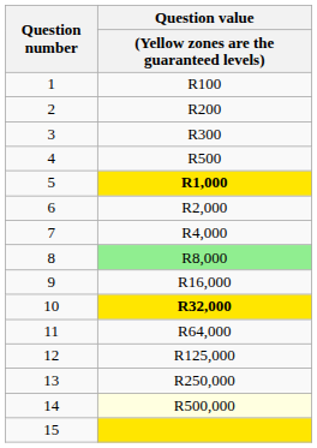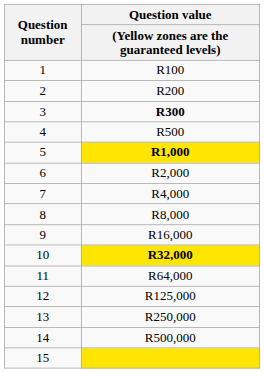 <table class="wikitable" style="text-align:center; border:1px;; cellpadding:2; cellspacing:0; width:25%;">
 <tr>
 <th rowspan="2" style="width: 30%">Question number</th>
 <th>Question value</th>
 </tr>
 <tr>
 <th style="width: 70%">(Yellow zones are the guaranteed levels)</th>
 </tr>
 <tr>
 <td>1</td>
 <td><span>R100</span></td>
 </tr>
 <tr>
 <td>2</td>
 <td><span>R200</span></td>
 </tr>
 <tr>
 <td>3</td>
-<td><span>R300</span></td>
+<td><strong><span>R300</span></strong></td>
 </tr>
 <tr>
 <td>4</td>
 <td><span>R500</span></td>
 </tr>
 <tr>
 <td>5</td>
 <td style="background: #FFE600"><span><strong>R1,000</strong></span></td>
 </tr>
 <tr>
 <td>6</td>
 <td><span>R2,000</span></td>
 </tr>
 <tr>
 <td>7</td>
 <td><span>R4,000</span></td>
 </tr>
 <tr>
 <td>8</td>
-<td style="background: lightgreen;"><span>R8,000</span></td>
+<td><span>R8,000</span></td>
 </tr>
 <tr>
 <td>9</td>
 <td><span>R16,000</span></td>
 </tr>
 <tr>
 <td>10</td>
 <td style="background: #FFE600"><span><strong>R32,000</strong></span></td>
 </tr>
 <tr>
 <td>11</td>
 <td><span>R64,000</span></td>
 </tr>
 <tr>
 <td>12</td>
 <td><span>R125,000</span></td>
 </tr>
 <tr>
 <td>13</td>
 <td><span>R250,000</span></td>
 </tr>
 <tr>
 <td>14</td>
-<td style="background: lightyellow;"><span>R500,000</span></td>
+<td><span>R500,000</span></td>
 </tr>
 <tr>
 <td>15</td>
 <td style="background: #FFE600"><span><strong></strong></span></td>
 </tr>
 </table>
